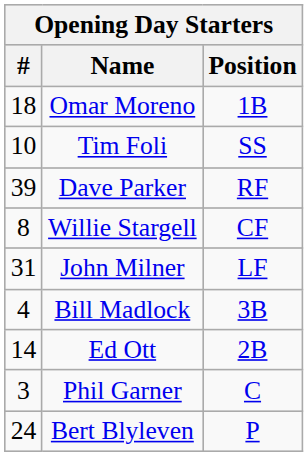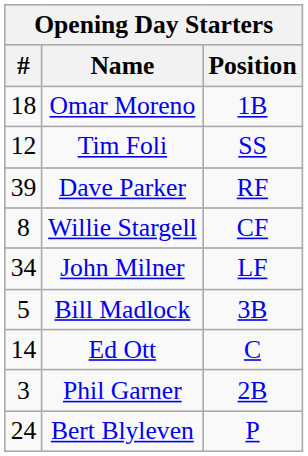 <table class="wikitable" style="text-align:center">
 <tr>
 <th colspan="3">Opening Day Starters</th>
 </tr>
 <tr>
 <th>#</th>
 <th>Name</th>
 <th>Position</th>
 </tr>
 <tr>
 <td>18</td>
 <td><a href='#'>Omar Moreno</a></td>
 <td><a href='#'>1B</a></td>
 </tr>
 <tr>
-<td>10</td>
+<td>12</td>
 <td><a href='#'>Tim Foli</a></td>
 <td><a href='#'>SS</a></td>
 </tr>
 <tr>
 <td>39</td>
 <td><a href='#'>Dave Parker</a></td>
 <td><a href='#'>RF</a></td>
 </tr>
 <tr>
 <td>8</td>
 <td><a href='#'>Willie Stargell</a></td>
 <td><a href='#'>CF</a></td>
 </tr>
 <tr>
-<td>31</td>
+<td>34</td>
 <td><a href='#'>John Milner</a></td>
 <td><a href='#'>LF</a></td>
 </tr>
 <tr>
-<td>4</td>
+<td>5</td>
 <td><a href='#'>Bill Madlock</a></td>
 <td><a href='#'>3B</a></td>
 </tr>
 <tr>
 <td>14</td>
 <td><a href='#'>Ed Ott</a></td>
-<td><a href='#'>2B</a></td>
+<td><a href='#'>C</a></td>
 </tr>
 <tr>
 <td>3</td>
 <td><a href='#'>Phil Garner</a></td>
-<td><a href='#'>C</a></td>
+<td><a href='#'>2B</a></td>
 </tr>
 <tr>
 <td>24</td>
 <td><a href='#'>Bert Blyleven</a></td>
 <td><a href='#'>P</a></td>
 </tr>
 </table>
